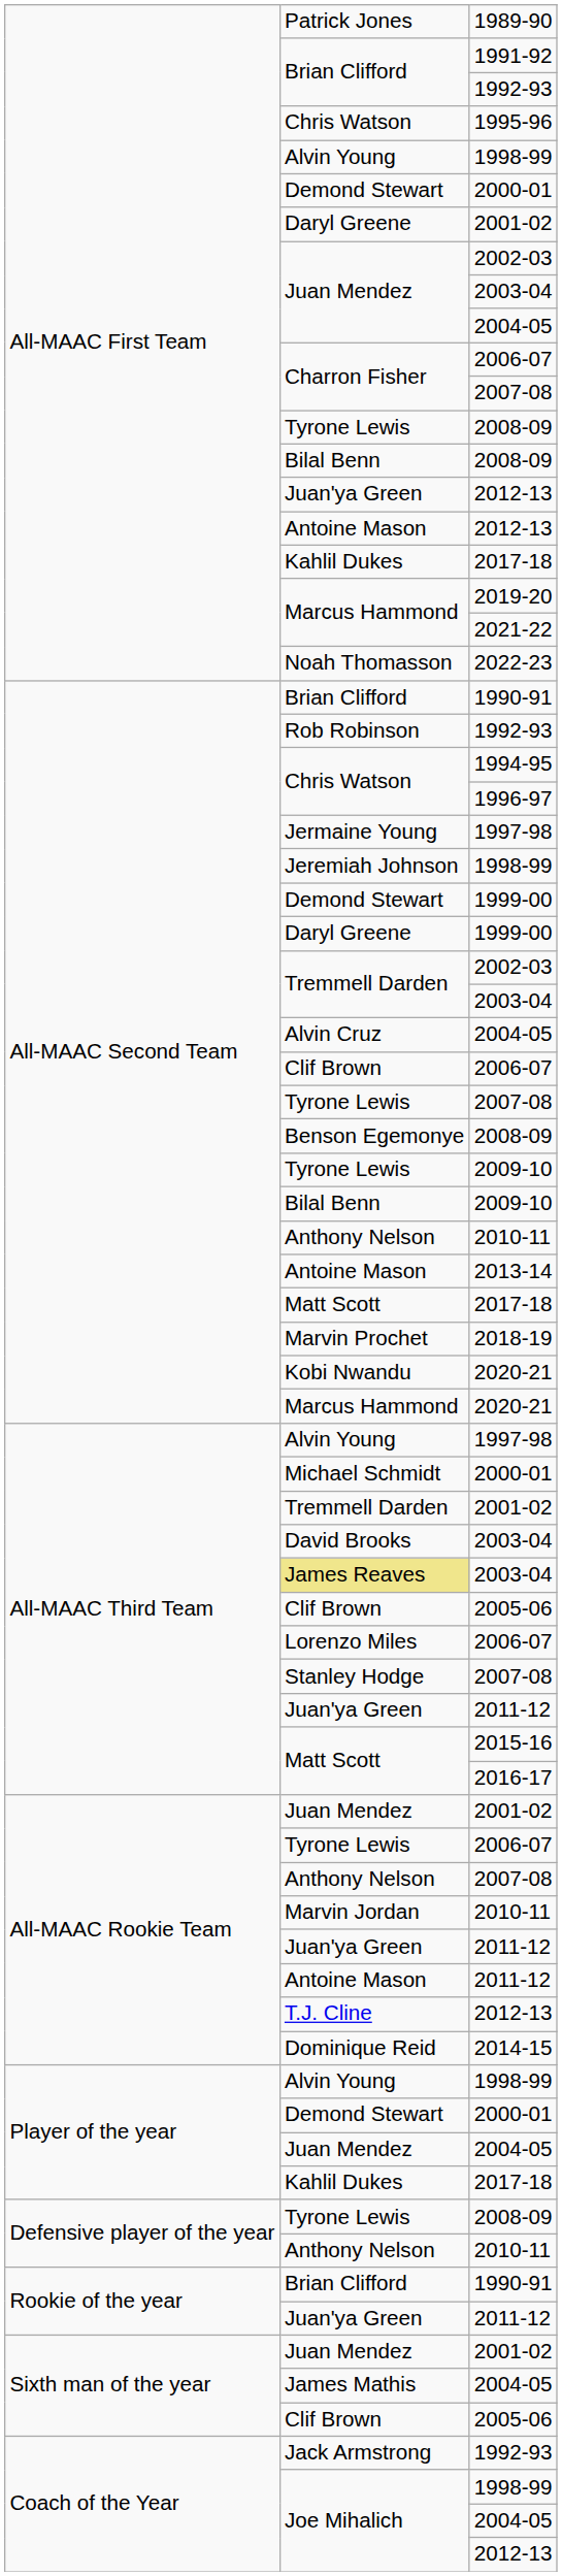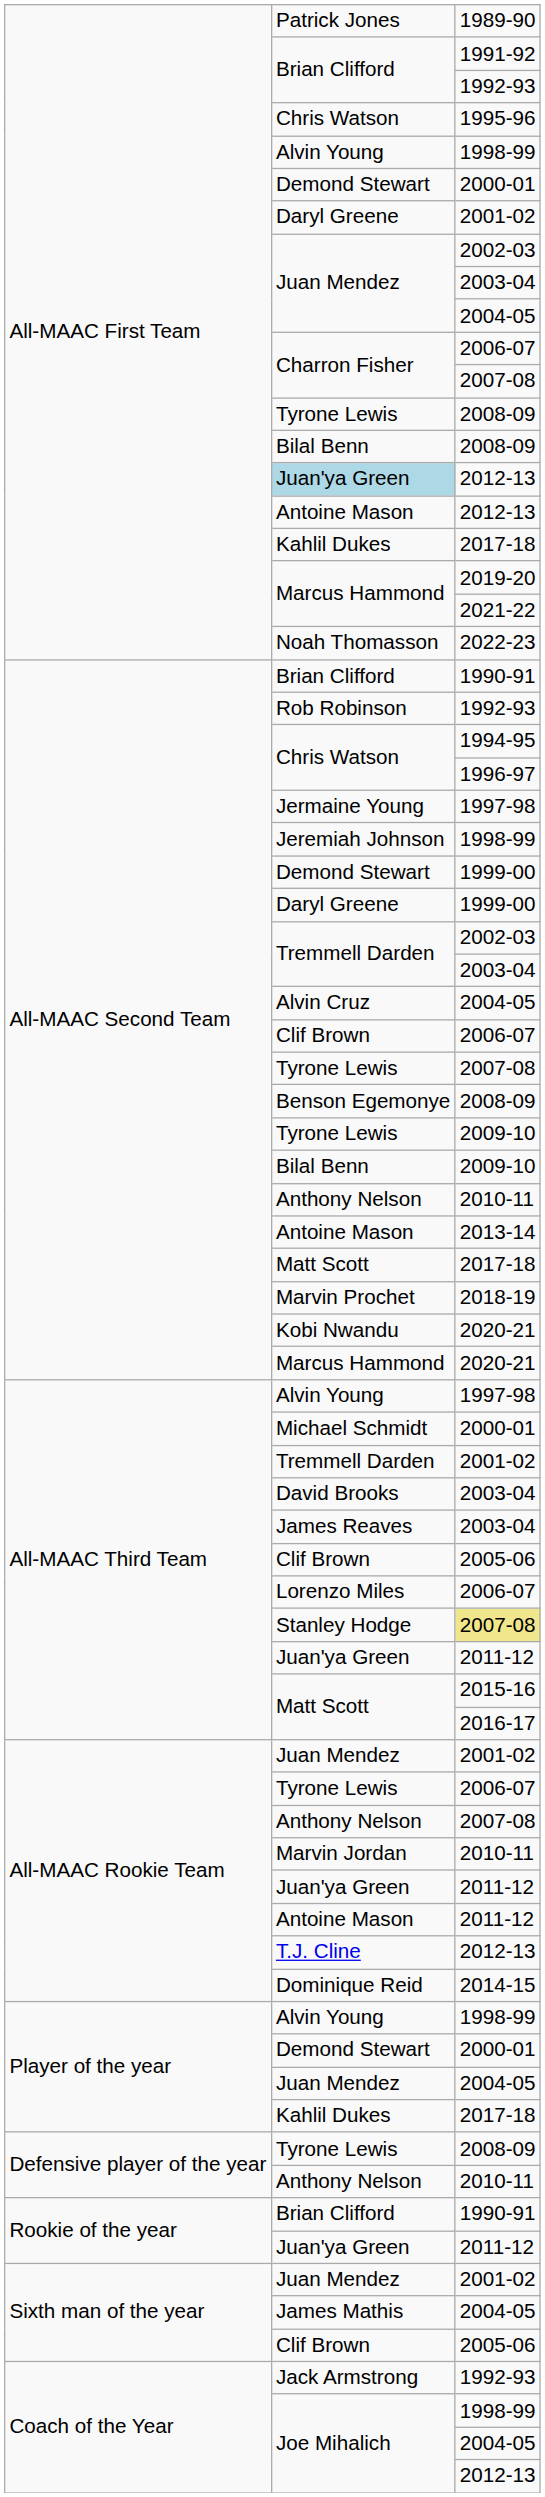 <table class="wikitable">
 <tr>
 <td rowspan="20">All-MAAC First Team</td>
 <td>Patrick Jones</td>
 <td>1989-90</td>
 </tr>
 <tr>
 <td rowspan="2">Brian Clifford</td>
 <td>1991-92</td>
 </tr>
 <tr>
 <td>1992-93</td>
 </tr>
 <tr>
 <td>Chris Watson</td>
 <td>1995-96</td>
 </tr>
 <tr>
 <td>Alvin Young</td>
 <td>1998-99</td>
 </tr>
 <tr>
 <td>Demond Stewart</td>
 <td>2000-01</td>
 </tr>
 <tr>
 <td>Daryl Greene</td>
 <td>2001-02</td>
 </tr>
 <tr>
 <td rowspan="3">Juan Mendez</td>
 <td>2002-03</td>
 </tr>
 <tr>
 <td>2003-04</td>
 </tr>
 <tr>
 <td>2004-05</td>
 </tr>
 <tr>
 <td rowspan="2">Charron Fisher</td>
 <td>2006-07</td>
 </tr>
 <tr>
 <td>2007-08</td>
 </tr>
 <tr>
 <td>Tyrone Lewis</td>
 <td>2008-09</td>
 </tr>
 <tr>
 <td>Bilal Benn</td>
 <td>2008-09</td>
 </tr>
 <tr>
-<td>Juan'ya Green</td>
+<td style="background: lightblue;">Juan'ya Green</td>
 <td>2012-13</td>
 </tr>
 <tr>
 <td>Antoine Mason</td>
 <td>2012-13</td>
 </tr>
 <tr>
 <td>Kahlil Dukes</td>
 <td>2017-18</td>
 </tr>
 <tr>
 <td rowspan="2">Marcus Hammond</td>
 <td>2019-20</td>
 </tr>
 <tr>
 <td>2021-22</td>
 </tr>
 <tr>
 <td>Noah Thomasson</td>
 <td>2022-23</td>
 </tr>
 <tr>
 <td rowspan="22">All-MAAC Second Team</td>
 <td>Brian Clifford</td>
 <td>1990-91</td>
 </tr>
 <tr>
 <td>Rob Robinson</td>
 <td>1992-93</td>
 </tr>
 <tr>
 <td rowspan="2">Chris Watson</td>
 <td>1994-95</td>
 </tr>
 <tr>
 <td>1996-97</td>
 </tr>
 <tr>
 <td>Jermaine Young</td>
 <td>1997-98</td>
 </tr>
 <tr>
 <td>Jeremiah Johnson</td>
 <td>1998-99</td>
 </tr>
 <tr>
 <td>Demond Stewart</td>
 <td>1999-00</td>
 </tr>
 <tr>
 <td>Daryl Greene</td>
 <td>1999-00</td>
 </tr>
 <tr>
 <td rowspan="2">Tremmell Darden</td>
 <td>2002-03</td>
 </tr>
 <tr>
 <td>2003-04</td>
 </tr>
 <tr>
 <td>Alvin Cruz</td>
 <td>2004-05</td>
 </tr>
 <tr>
 <td>Clif Brown</td>
 <td>2006-07</td>
 </tr>
 <tr>
 <td>Tyrone Lewis</td>
 <td>2007-08</td>
 </tr>
 <tr>
 <td>Benson Egemonye</td>
 <td>2008-09</td>
 </tr>
 <tr>
 <td>Tyrone Lewis</td>
 <td>2009-10</td>
 </tr>
 <tr>
 <td>Bilal Benn</td>
 <td>2009-10</td>
 </tr>
 <tr>
 <td>Anthony Nelson</td>
 <td>2010-11</td>
 </tr>
 <tr>
 <td>Antoine Mason</td>
 <td>2013-14</td>
 </tr>
 <tr>
 <td>Matt Scott</td>
 <td>2017-18</td>
 </tr>
 <tr>
 <td>Marvin Prochet</td>
 <td>2018-19</td>
 </tr>
 <tr>
 <td>Kobi Nwandu</td>
 <td>2020-21</td>
 </tr>
 <tr>
 <td>Marcus Hammond</td>
 <td>2020-21</td>
 </tr>
 <tr>
 <td rowspan="11">All-MAAC Third Team</td>
 <td>Alvin Young</td>
 <td>1997-98</td>
 </tr>
 <tr>
 <td>Michael Schmidt</td>
 <td>2000-01</td>
 </tr>
 <tr>
 <td>Tremmell Darden</td>
 <td>2001-02</td>
 </tr>
 <tr>
 <td>David Brooks</td>
 <td>2003-04</td>
 </tr>
 <tr>
-<td style="background: khaki;">James Reaves</td>
+<td>James Reaves</td>
 <td>2003-04</td>
 </tr>
 <tr>
 <td>Clif Brown</td>
 <td>2005-06</td>
 </tr>
 <tr>
 <td>Lorenzo Miles</td>
 <td>2006-07</td>
 </tr>
 <tr>
 <td>Stanley Hodge</td>
-<td>2007-08</td>
+<td style="background: khaki;">2007-08</td>
 </tr>
 <tr>
 <td>Juan'ya Green</td>
 <td>2011-12</td>
 </tr>
 <tr>
 <td rowspan="2">Matt Scott</td>
 <td>2015-16</td>
 </tr>
 <tr>
 <td>2016-17</td>
 </tr>
 <tr>
 <td rowspan="8">All-MAAC Rookie Team</td>
 <td>Juan Mendez</td>
 <td>2001-02</td>
 </tr>
 <tr>
 <td>Tyrone Lewis</td>
 <td>2006-07</td>
 </tr>
 <tr>
 <td>Anthony Nelson</td>
 <td>2007-08</td>
 </tr>
 <tr>
 <td>Marvin Jordan</td>
 <td>2010-11</td>
 </tr>
 <tr>
 <td>Juan'ya Green</td>
 <td>2011-12</td>
 </tr>
 <tr>
 <td>Antoine Mason</td>
 <td>2011-12</td>
 </tr>
 <tr>
 <td><a href='#'>T.J. Cline</a></td>
 <td>2012-13</td>
 </tr>
 <tr>
 <td>Dominique Reid</td>
 <td>2014-15</td>
 </tr>
 <tr>
 <td rowspan="4">Player of the year</td>
 <td>Alvin Young</td>
 <td>1998-99</td>
 </tr>
 <tr>
 <td>Demond Stewart</td>
 <td>2000-01</td>
 </tr>
 <tr>
 <td>Juan Mendez</td>
 <td>2004-05</td>
 </tr>
 <tr>
 <td>Kahlil Dukes</td>
 <td>2017-18</td>
 </tr>
 <tr>
 <td rowspan="2">Defensive player of the year</td>
 <td>Tyrone Lewis</td>
 <td>2008-09</td>
 </tr>
 <tr>
 <td>Anthony Nelson</td>
 <td>2010-11</td>
 </tr>
 <tr>
 <td rowspan="2">Rookie of the year</td>
 <td>Brian Clifford</td>
 <td>1990-91</td>
 </tr>
 <tr>
 <td>Juan'ya Green</td>
 <td>2011-12</td>
 </tr>
 <tr>
 <td rowspan="3">Sixth man of the year</td>
 <td>Juan Mendez</td>
 <td>2001-02</td>
 </tr>
 <tr>
 <td>James Mathis</td>
 <td>2004-05</td>
 </tr>
 <tr>
 <td>Clif Brown</td>
 <td>2005-06</td>
 </tr>
 <tr>
 <td rowspan="4">Coach of the Year</td>
 <td>Jack Armstrong</td>
 <td>1992-93</td>
 </tr>
 <tr>
 <td rowspan="3">Joe Mihalich</td>
 <td>1998-99</td>
 </tr>
 <tr>
 <td>2004-05</td>
 </tr>
 <tr>
 <td>2012-13</td>
 </tr>
 </table>
